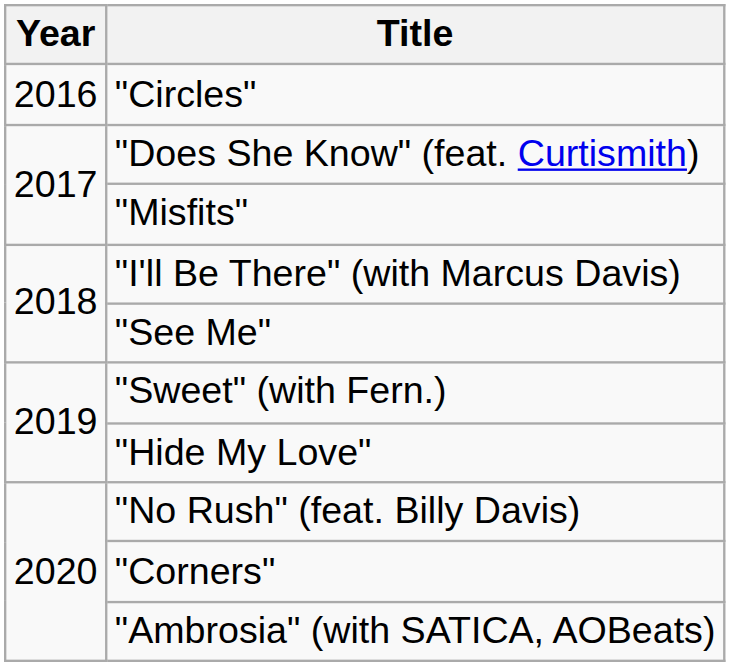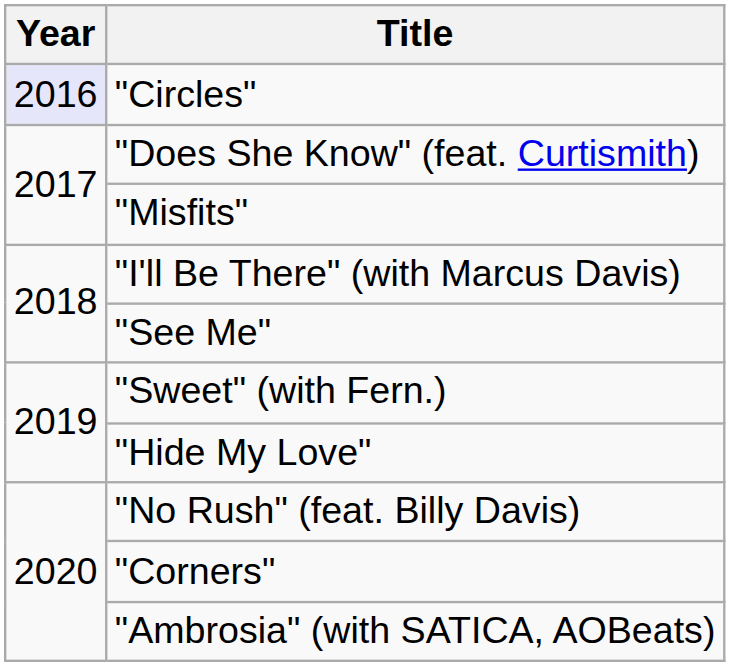 <table class="wikitable">
 <tr>
 <th>Year</th>
 <th>Title</th>
 </tr>
 <tr>
-<td>2016</td>
+<td style="background: lavender;">2016</td>
 <td>"Circles"</td>
 </tr>
 <tr>
 <td rowspan="2">2017</td>
 <td>"Does She Know" (feat. <a href='#'>Curtismith</a>)</td>
 </tr>
 <tr>
 <td>"Misfits"</td>
 </tr>
 <tr>
 <td rowspan="2">2018</td>
 <td>"I'll Be There" (with Marcus Davis)</td>
 </tr>
 <tr>
 <td>"See Me"</td>
 </tr>
 <tr>
 <td rowspan="2">2019</td>
 <td>"Sweet" (with Fern.)</td>
 </tr>
 <tr>
 <td>"Hide My Love"</td>
 </tr>
 <tr>
 <td rowspan="3">2020</td>
 <td>"No Rush" (feat. Billy Davis)</td>
 </tr>
 <tr>
 <td>"Corners"</td>
 </tr>
 <tr>
 <td>"Ambrosia" (with SATICA, AOBeats)</td>
 </tr>
 </table>
